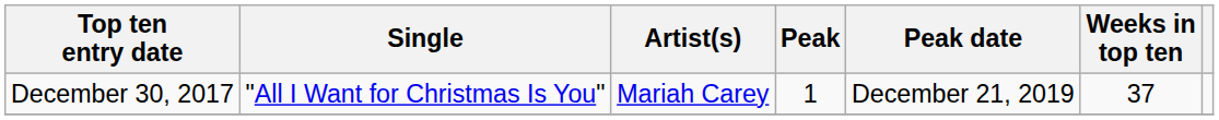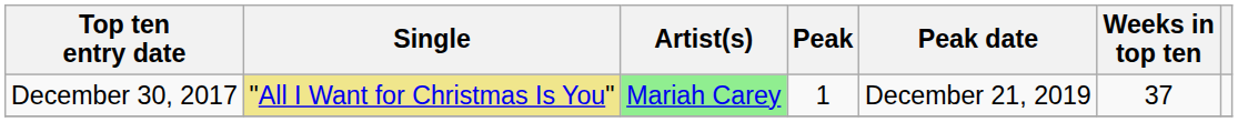 <table class="wikitable">
 <tr>
 <th>Top ten<br>entry date</th>
 <th>Single</th>
 <th>Artist(s)</th>
 <th data-sort-type="number">Peak</th>
 <th>Peak date</th>
 <th data-sort-type="number">Weeks in<br>top ten</th>
 <th></th>
 </tr>
 <tr>
 <td>December 30, 2017</td>
-<td>"<a href='#'>All I Want for Christmas Is You</a>"</td>
-<td><a href='#'>Mariah Carey</a></td>
+<td style="background: khaki;">"<a href='#'>All I Want for Christmas Is You</a>"</td>
+<td style="background: lightgreen;"><a href='#'>Mariah Carey</a></td>
 <td style="text-align:center;">1</td>
 <td>December 21, 2019</td>
 <td style="text-align:center;">37</td>
 <td style="text-align:center;"></td>
 </tr>
 <tr>
 </tr>
 </table>
